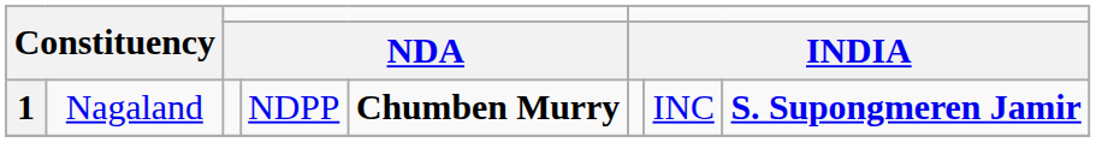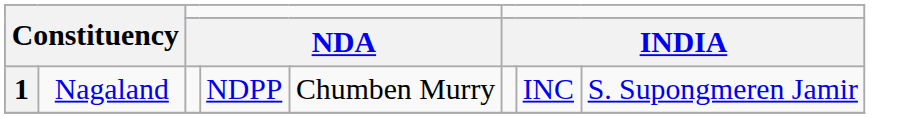 <table class="wikitable sortable" style="text-align:center;">
 <tr>
 <th colspan="2" rowspan="2">Constituency</th>
 <td colspan="3"></td>
 <td colspan="3"></td>
 </tr>
 <tr>
 <th colspan="3"><a href='#'>NDA</a></th>
 <th colspan="3"><a href='#'>INDIA</a></th>
 </tr>
 <tr>
 <th>1</th>
 <td><a href='#'>Nagaland</a></td>
 <td></td>
 <td><a href='#'>NDPP</a></td>
-<td><strong>Chumben Murry</strong></td>
+<td>Chumben Murry</td>
 <td></td>
 <td><a href='#'>INC</a></td>
-<td><strong><a href='#'>S. Supongmeren Jamir</a></strong></td>
+<td><a href='#'>S. Supongmeren Jamir</a></td>
 </tr>
 <tr>
 </tr>
 </table>
